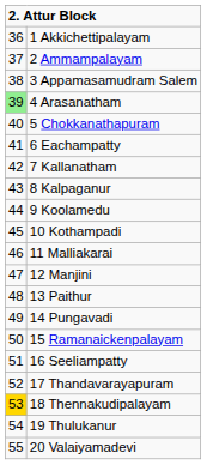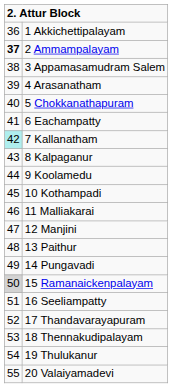 <table class="wikitable">
 <tr>
 <td colspan="2"><strong>2. Attur Block</strong></td>
 </tr>
 <tr>
 <td>36</td>
 <td>1 Akkichettipalayam</td>
 </tr>
 <tr>
-<td>37</td>
+<td><strong>37</strong></td>
 <td>2 <a href='#'>Ammampalayam</a></td>
 </tr>
 <tr>
 <td>38</td>
 <td>3 Appamasamudram Salem</td>
 </tr>
 <tr>
-<td style="background: lightgreen;">39</td>
+<td>39</td>
 <td>4 Arasanatham</td>
 </tr>
 <tr>
 <td>40</td>
 <td>5 <a href='#'>Chokkanathapuram</a></td>
 </tr>
 <tr>
 <td>41</td>
 <td>6 Eachampatty</td>
 </tr>
 <tr>
-<td>42</td>
+<td style="background: paleturquoise;">42</td>
 <td>7 Kallanatham</td>
 </tr>
 <tr>
 <td>43</td>
 <td>8 Kalpaganur</td>
 </tr>
 <tr>
 <td>44</td>
 <td>9 Koolamedu</td>
 </tr>
 <tr>
 <td>45</td>
 <td>10 Kothampadi</td>
 </tr>
 <tr>
 <td>46</td>
 <td>11 Malliakarai</td>
 </tr>
 <tr>
 <td>47</td>
 <td>12 Manjini</td>
 </tr>
 <tr>
 <td>48</td>
 <td>13 Paithur</td>
 </tr>
 <tr>
 <td>49</td>
 <td>14 Pungavadi</td>
 </tr>
 <tr>
-<td>50</td>
+<td style="background: lightgrey;">50</td>
 <td>15 <a href='#'>Ramanaickenpalayam</a></td>
 </tr>
 <tr>
 <td>51</td>
 <td>16 Seeliampatty</td>
 </tr>
 <tr>
 <td>52</td>
 <td>17 Thandavarayapuram</td>
 </tr>
 <tr>
-<td style="background: gold;">53</td>
+<td>53</td>
 <td>18 Thennakudipalayam</td>
 </tr>
 <tr>
 <td>54</td>
 <td>19 Thulukanur</td>
 </tr>
 <tr>
 <td>55</td>
 <td>20 Valaiyamadevi</td>
 </tr>
 </table>
